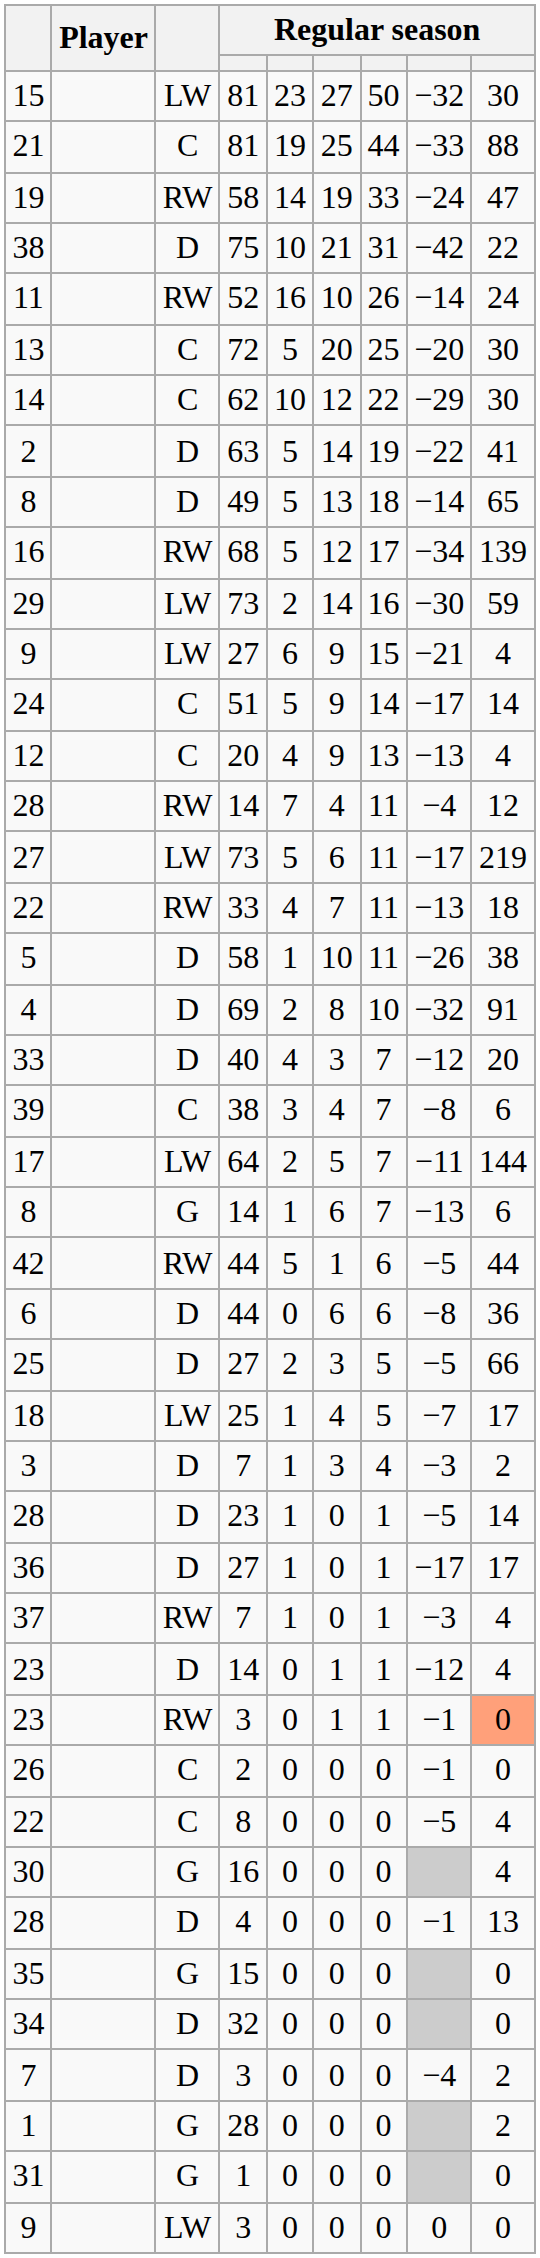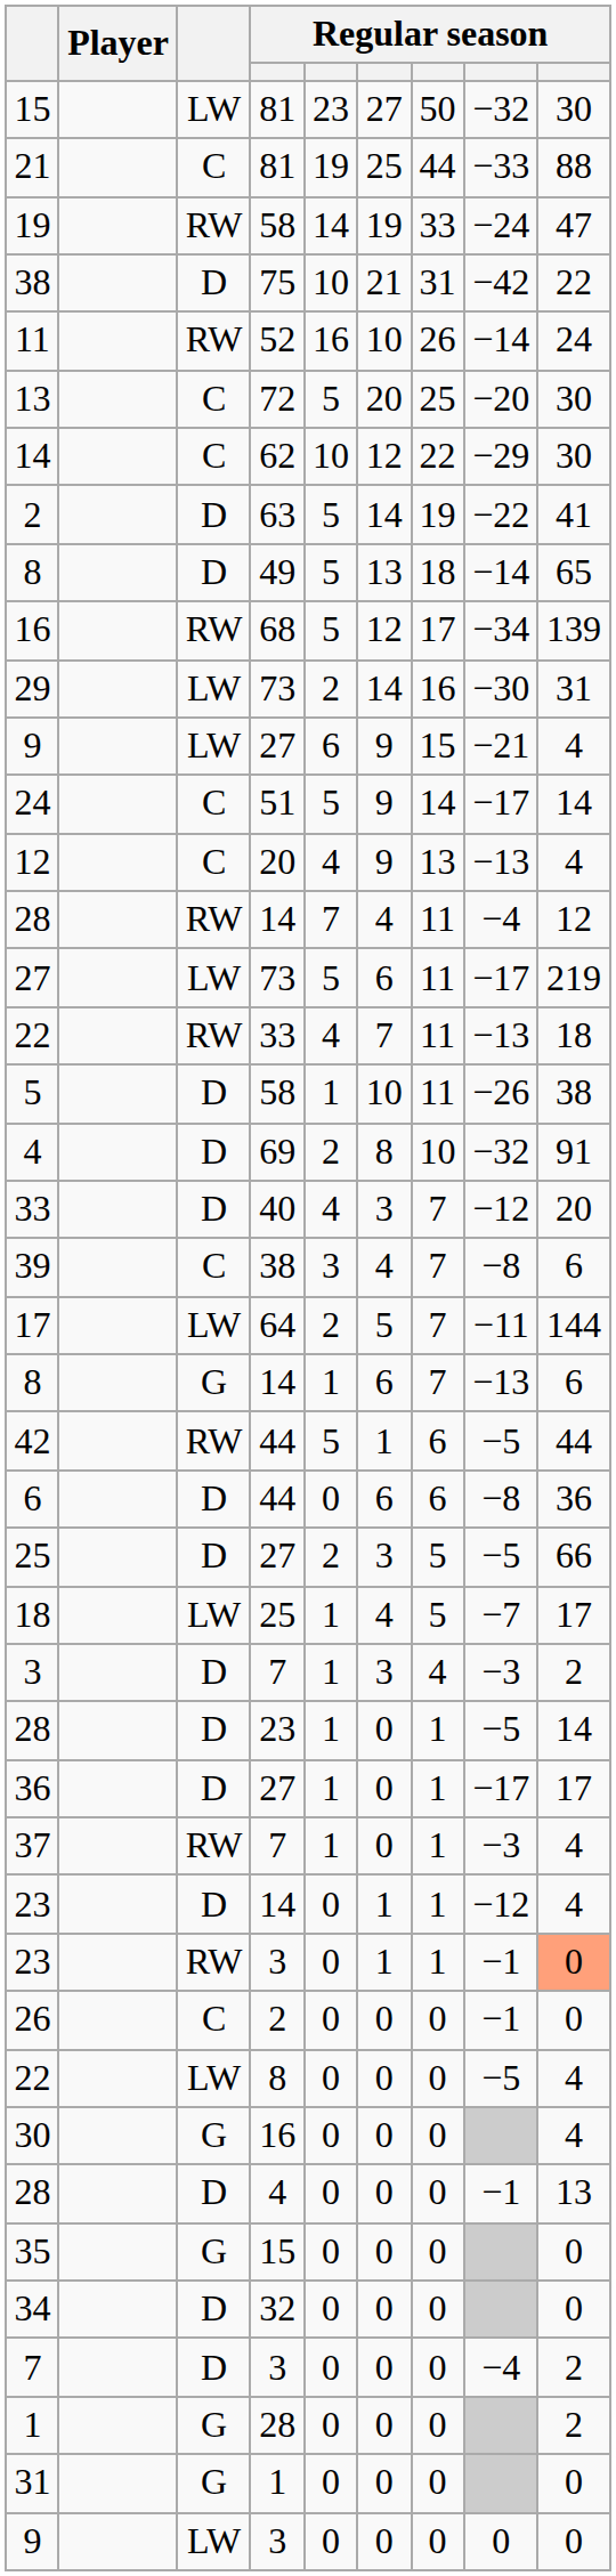 <table class="wikitable sortable plainrowheaders" style="text-align:center;">
 <tr>
 <th scope="col" data-sort-type="number" rowspan="2"></th>
 <th scope="col" rowspan="2">Player</th>
 <th scope="col" rowspan="2"></th>
 <th scope=colgroup colspan=6>Regular season</th>
 </tr>
 <tr>
 <th scope="col" data-sort-type="number"></th>
 <th scope="col" data-sort-type="number"></th>
 <th scope="col" data-sort-type="number"></th>
 <th scope="col" data-sort-type="number"></th>
 <th scope="col" data-sort-type="number"></th>
 <th scope="col" data-sort-type="number"></th>
 </tr>
 <tr>
 <td scope="row">15</td>
 <td align="left"></td>
 <td>LW</td>
 <td>81</td>
 <td>23</td>
 <td>27</td>
 <td>50</td>
 <td>−32</td>
 <td>30</td>
 </tr>
 <tr>
 <td scope="row">21</td>
 <td align="left"></td>
 <td>C</td>
 <td>81</td>
 <td>19</td>
 <td>25</td>
 <td>44</td>
 <td>−33</td>
 <td>88</td>
 </tr>
 <tr>
 <td scope="row">19</td>
 <td align="left"></td>
 <td>RW</td>
 <td>58</td>
 <td>14</td>
 <td>19</td>
 <td>33</td>
 <td>−24</td>
 <td>47</td>
 </tr>
 <tr>
 <td scope="row">38</td>
 <td align="left"></td>
 <td>D</td>
 <td>75</td>
 <td>10</td>
 <td>21</td>
 <td>31</td>
 <td>−42</td>
 <td>22</td>
 </tr>
 <tr>
 <td scope="row">11</td>
 <td align="left"></td>
 <td>RW</td>
 <td>52</td>
 <td>16</td>
 <td>10</td>
 <td>26</td>
 <td>−14</td>
 <td>24</td>
 </tr>
 <tr>
 <td scope="row">13</td>
 <td align="left"></td>
 <td>C</td>
 <td>72</td>
 <td>5</td>
 <td>20</td>
 <td>25</td>
 <td>−20</td>
 <td>30</td>
 </tr>
 <tr>
 <td scope="row">14</td>
 <td align="left"></td>
 <td>C</td>
 <td>62</td>
 <td>10</td>
 <td>12</td>
 <td>22</td>
 <td>−29</td>
 <td>30</td>
 </tr>
 <tr>
 <td scope="row">2</td>
 <td align="left"></td>
 <td>D</td>
 <td>63</td>
 <td>5</td>
 <td>14</td>
 <td>19</td>
 <td>−22</td>
 <td>41</td>
 </tr>
 <tr>
 <td scope="row">8</td>
 <td align="left"></td>
 <td>D</td>
 <td>49</td>
 <td>5</td>
 <td>13</td>
 <td>18</td>
 <td>−14</td>
 <td>65</td>
 </tr>
 <tr>
 <td scope="row">16</td>
 <td align="left"></td>
 <td>RW</td>
 <td>68</td>
 <td>5</td>
 <td>12</td>
 <td>17</td>
 <td>−34</td>
 <td>139</td>
 </tr>
 <tr>
 <td scope="row">29</td>
 <td align="left"></td>
 <td>LW</td>
 <td>73</td>
 <td>2</td>
 <td>14</td>
 <td>16</td>
 <td>−30</td>
-<td>59</td>
+<td>31</td>
 </tr>
 <tr>
 <td scope="row">9</td>
 <td align="left"></td>
 <td>LW</td>
 <td>27</td>
 <td>6</td>
 <td>9</td>
 <td>15</td>
 <td>−21</td>
 <td>4</td>
 </tr>
 <tr>
 <td scope="row">24</td>
 <td align="left"></td>
 <td>C</td>
 <td>51</td>
 <td>5</td>
 <td>9</td>
 <td>14</td>
 <td>−17</td>
 <td>14</td>
 </tr>
 <tr>
 <td scope="row">12</td>
 <td align="left"></td>
 <td>C</td>
 <td>20</td>
 <td>4</td>
 <td>9</td>
 <td>13</td>
 <td>−13</td>
 <td>4</td>
 </tr>
 <tr>
 <td scope="row">28</td>
 <td align="left"></td>
 <td>RW</td>
 <td>14</td>
 <td>7</td>
 <td>4</td>
 <td>11</td>
 <td>−4</td>
 <td>12</td>
 </tr>
 <tr>
 <td scope="row">27</td>
 <td align="left"></td>
 <td>LW</td>
 <td>73</td>
 <td>5</td>
 <td>6</td>
 <td>11</td>
 <td>−17</td>
 <td>219</td>
 </tr>
 <tr>
 <td scope="row">22</td>
 <td align="left"></td>
 <td>RW</td>
 <td>33</td>
 <td>4</td>
 <td>7</td>
 <td>11</td>
 <td>−13</td>
 <td>18</td>
 </tr>
 <tr>
 <td scope="row">5</td>
 <td align="left"></td>
 <td>D</td>
 <td>58</td>
 <td>1</td>
 <td>10</td>
 <td>11</td>
 <td>−26</td>
 <td>38</td>
 </tr>
 <tr>
 <td scope="row">4</td>
 <td align="left"></td>
 <td>D</td>
 <td>69</td>
 <td>2</td>
 <td>8</td>
 <td>10</td>
 <td>−32</td>
 <td>91</td>
 </tr>
 <tr>
 <td scope="row">33</td>
 <td align="left"></td>
 <td>D</td>
 <td>40</td>
 <td>4</td>
 <td>3</td>
 <td>7</td>
 <td>−12</td>
 <td>20</td>
 </tr>
 <tr>
 <td scope="row">39</td>
 <td align="left"></td>
 <td>C</td>
 <td>38</td>
 <td>3</td>
 <td>4</td>
 <td>7</td>
 <td>−8</td>
 <td>6</td>
 </tr>
 <tr>
 <td scope="row">17</td>
 <td align="left"></td>
 <td>LW</td>
 <td>64</td>
 <td>2</td>
 <td>5</td>
 <td>7</td>
 <td>−11</td>
 <td>144</td>
 </tr>
 <tr>
 <td scope="row">8</td>
 <td align="left"></td>
 <td>G</td>
 <td>14</td>
 <td>1</td>
 <td>6</td>
 <td>7</td>
 <td>−13</td>
 <td>6</td>
 </tr>
 <tr>
 <td scope="row">42</td>
 <td align="left"></td>
 <td>RW</td>
 <td>44</td>
 <td>5</td>
 <td>1</td>
 <td>6</td>
 <td>−5</td>
 <td>44</td>
 </tr>
 <tr>
 <td scope="row">6</td>
 <td align="left"></td>
 <td>D</td>
 <td>44</td>
 <td>0</td>
 <td>6</td>
 <td>6</td>
 <td>−8</td>
 <td>36</td>
 </tr>
 <tr>
 <td scope="row">25</td>
 <td align="left"></td>
 <td>D</td>
 <td>27</td>
 <td>2</td>
 <td>3</td>
 <td>5</td>
 <td>−5</td>
 <td>66</td>
 </tr>
 <tr>
 <td scope="row">18</td>
 <td align="left"></td>
 <td>LW</td>
 <td>25</td>
 <td>1</td>
 <td>4</td>
 <td>5</td>
 <td>−7</td>
 <td>17</td>
 </tr>
 <tr>
 <td scope="row">3</td>
 <td align="left"></td>
 <td>D</td>
 <td>7</td>
 <td>1</td>
 <td>3</td>
 <td>4</td>
 <td>−3</td>
 <td>2</td>
 </tr>
 <tr>
 <td scope="row">28</td>
 <td align="left"></td>
 <td>D</td>
 <td>23</td>
 <td>1</td>
 <td>0</td>
 <td>1</td>
 <td>−5</td>
 <td>14</td>
 </tr>
 <tr>
 <td scope="row">36</td>
 <td align="left"></td>
 <td>D</td>
 <td>27</td>
 <td>1</td>
 <td>0</td>
 <td>1</td>
 <td>−17</td>
 <td>17</td>
 </tr>
 <tr>
 <td scope="row">37</td>
 <td align="left"></td>
 <td>RW</td>
 <td>7</td>
 <td>1</td>
 <td>0</td>
 <td>1</td>
 <td>−3</td>
 <td>4</td>
 </tr>
 <tr>
 <td scope="row">23</td>
 <td align="left"></td>
 <td>D</td>
 <td>14</td>
 <td>0</td>
 <td>1</td>
 <td>1</td>
 <td>−12</td>
 <td>4</td>
 </tr>
 <tr>
 <td scope="row">23</td>
 <td align="left"></td>
 <td>RW</td>
 <td>3</td>
 <td>0</td>
 <td>1</td>
 <td>1</td>
 <td>−1</td>
 <td style="background: lightsalmon;">0</td>
 </tr>
 <tr>
 <td scope="row">26</td>
 <td align="left"></td>
 <td>C</td>
 <td>2</td>
 <td>0</td>
 <td>0</td>
 <td>0</td>
 <td>−1</td>
 <td>0</td>
 </tr>
 <tr>
 <td scope="row">22</td>
 <td align="left"></td>
-<td>C</td>
+<td>LW</td>
 <td>8</td>
 <td>0</td>
 <td>0</td>
 <td>0</td>
 <td>−5</td>
 <td>4</td>
 </tr>
 <tr>
 <td scope="row">30</td>
 <td align="left"></td>
 <td>G</td>
 <td>16</td>
 <td>0</td>
 <td>0</td>
 <td>0</td>
 <td style="background:#ccc"></td>
 <td>4</td>
 </tr>
 <tr>
 <td scope="row">28</td>
 <td align="left"></td>
 <td>D</td>
 <td>4</td>
 <td>0</td>
 <td>0</td>
 <td>0</td>
 <td>−1</td>
 <td>13</td>
 </tr>
 <tr>
 <td scope="row">35</td>
 <td align="left"></td>
 <td>G</td>
 <td>15</td>
 <td>0</td>
 <td>0</td>
 <td>0</td>
 <td style="background:#ccc"></td>
 <td>0</td>
 </tr>
 <tr>
 <td scope="row">34</td>
 <td align="left"></td>
 <td>D</td>
 <td>32</td>
 <td>0</td>
 <td>0</td>
 <td>0</td>
 <td style="background:#ccc"></td>
 <td>0</td>
 </tr>
 <tr>
 <td scope="row">7</td>
 <td align="left"></td>
 <td>D</td>
 <td>3</td>
 <td>0</td>
 <td>0</td>
 <td>0</td>
 <td>−4</td>
 <td>2</td>
 </tr>
 <tr>
 <td scope="row">1</td>
 <td align="left"></td>
 <td>G</td>
 <td>28</td>
 <td>0</td>
 <td>0</td>
 <td>0</td>
 <td style="background:#ccc"></td>
 <td>2</td>
 </tr>
 <tr>
 <td scope="row">31</td>
 <td align="left"></td>
 <td>G</td>
 <td>1</td>
 <td>0</td>
 <td>0</td>
 <td>0</td>
 <td style="background:#ccc"></td>
 <td>0</td>
 </tr>
 <tr>
 <td scope="row">9</td>
 <td align="left"></td>
 <td>LW</td>
 <td>3</td>
 <td>0</td>
 <td>0</td>
 <td>0</td>
 <td>0</td>
 <td>0</td>
 </tr>
 </table>
